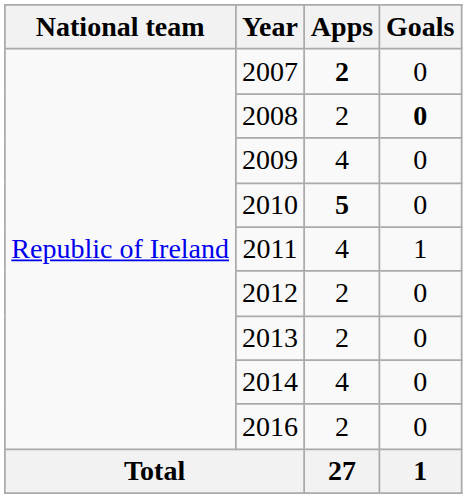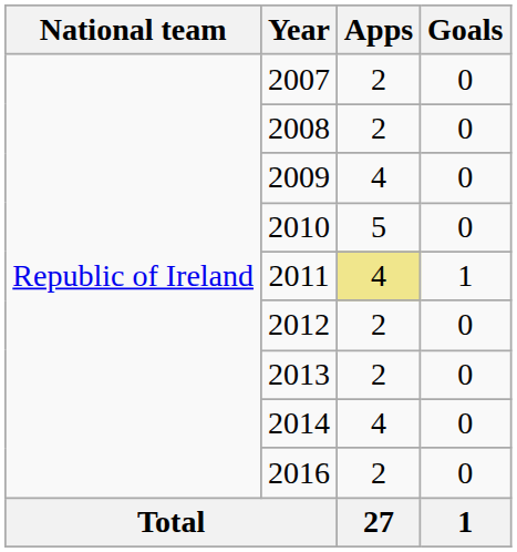 <table class=wikitable style="text-align: center">
 <tr>
 <th>National team</th>
 <th>Year</th>
 <th>Apps</th>
 <th>Goals</th>
 </tr>
 <tr>
 <td rowspan="9"><a href='#'>Republic of Ireland</a></td>
 <td>2007</td>
-<td><strong>2</strong></td>
+<td>2</td>
 <td>0</td>
 </tr>
 <tr>
 <td>2008</td>
 <td>2</td>
-<td><strong>0</strong></td>
+<td>0</td>
 </tr>
 <tr>
 <td>2009</td>
 <td>4</td>
 <td>0</td>
 </tr>
 <tr>
 <td>2010</td>
-<td><strong>5</strong></td>
+<td>5</td>
 <td>0</td>
 </tr>
 <tr>
 <td>2011</td>
-<td>4</td>
+<td style="background: khaki;">4</td>
 <td>1</td>
 </tr>
 <tr>
 <td>2012</td>
 <td>2</td>
 <td>0</td>
 </tr>
 <tr>
 <td>2013</td>
 <td>2</td>
 <td>0</td>
 </tr>
 <tr>
 <td>2014</td>
 <td>4</td>
 <td>0</td>
 </tr>
 <tr>
 <td>2016</td>
 <td>2</td>
 <td>0</td>
 </tr>
 <tr>
 <th colspan=2>Total</th>
 <th>27</th>
 <th>1</th>
 </tr>
 </table>
